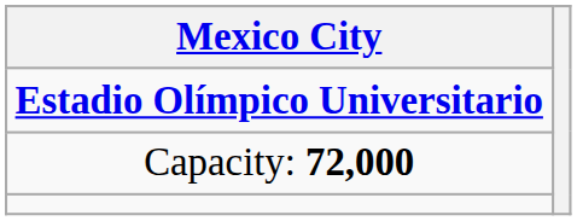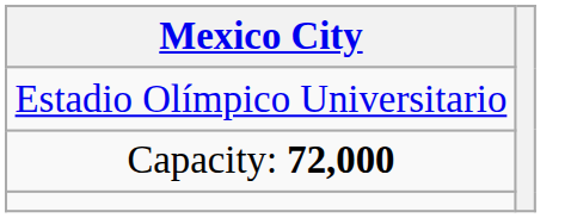 <table class=wikitable style="text-align:center"">
 <tr>
 <th><a href='#'>Mexico City</a></th>
 <th rowspan="4"></th>
 </tr>
 <tr>
-<td><strong><a href='#'>Estadio Olímpico Universitario</a></strong></td>
+<td><a href='#'>Estadio Olímpico Universitario</a></td>
 </tr>
 <tr>
 <td>Capacity: <strong>72,000</strong></td>
 </tr>
 <tr>
 <td></td>
 </tr>
 </table>
